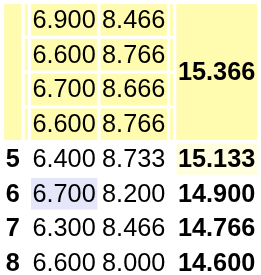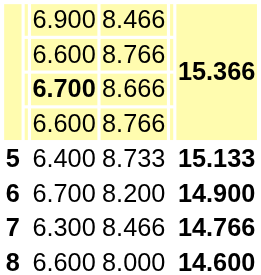 <table>
 <tr style="background:#fffcaf;">
 <th rowspan=4 scope=row style="text-align:center"></th>
 <td style="text-align:left;"></td>
 <td>6.900</td>
 <td>8.466</td>
 <td></td>
 <td rowspan=4><strong>15.366</strong></td>
 </tr>
 <tr style="background:#fffcaf;">
 <td style="text-align:left;"></td>
 <td>6.600</td>
 <td>8.766</td>
 <td></td>
 </tr>
 <tr style="background:#fffcaf;">
 <td style="text-align:left;"></td>
-<td>6.700</td>
+<td><strong>6.700</strong></td>
 <td>8.666</td>
 <td></td>
 </tr>
 <tr style="background:#fffcaf;">
 <td style="text-align:left;"></td>
 <td>6.600</td>
 <td>8.766</td>
 <td></td>
 </tr>
 <tr>
 <th scope=row style="text-align:center">5</th>
 <td style="text-align:left;"></td>
 <td>6.400</td>
 <td>8.733</td>
 <td></td>
-<td style="background: lightyellow;"><strong>15.133</strong></td>
+<td><strong>15.133</strong></td>
 </tr>
 <tr>
 <th scope=row style="text-align:center">6</th>
 <td style="text-align:left;"></td>
-<td style="background: lavender;">6.700</td>
+<td>6.700</td>
 <td>8.200</td>
 <td></td>
 <td><strong>14.900</strong></td>
 </tr>
 <tr>
 <th scope=row style="text-align:center">7</th>
 <td style="text-align:left;"></td>
 <td>6.300</td>
 <td>8.466</td>
 <td></td>
 <td><strong>14.766</strong></td>
 </tr>
 <tr>
 <th scope=row style="text-align:center">8</th>
 <td style="text-align:left;"></td>
 <td>6.600</td>
 <td>8.000</td>
 <td></td>
 <td><strong>14.600</strong></td>
 </tr>
 </table>
